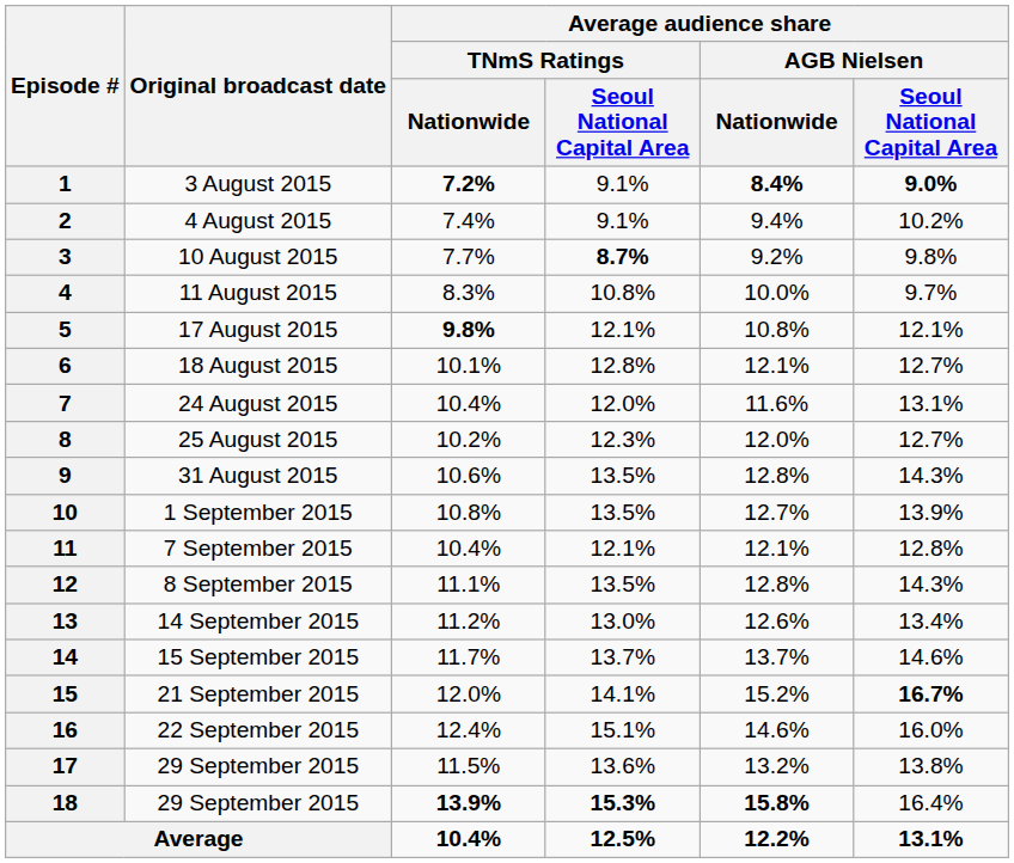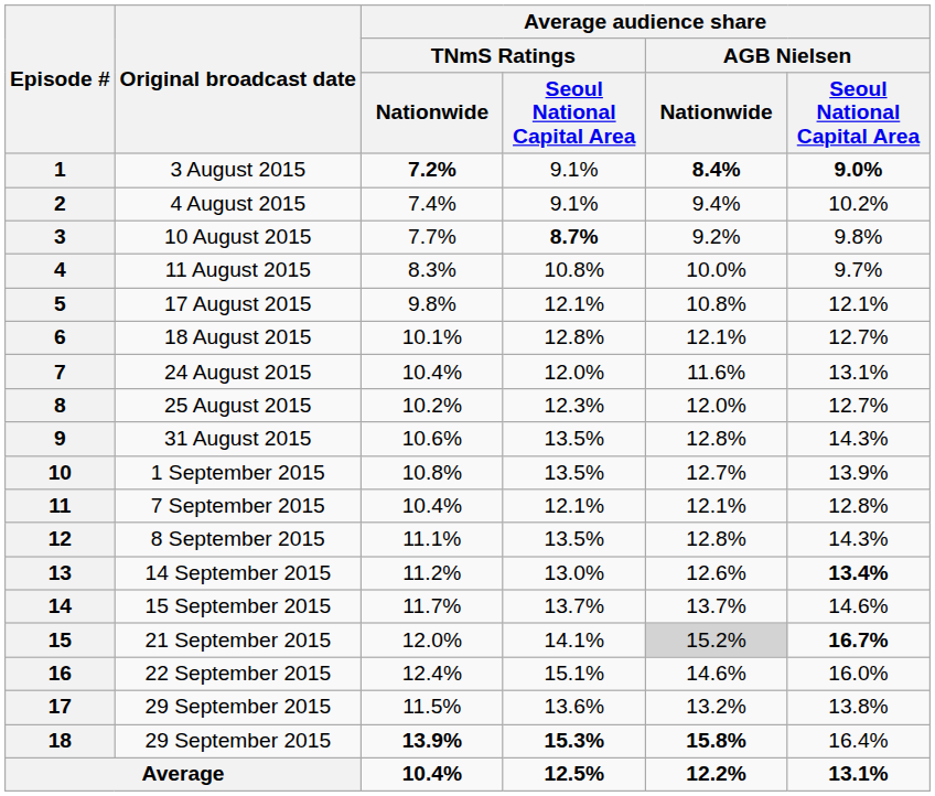 <table class=wikitable style="text-align:center">
 <tr>
 <th rowspan="3">Episode #</th>
 <th rowspan="3">Original broadcast date</th>
 <th colspan="4">Average audience share</th>
 </tr>
 <tr>
 <th colspan="2">TNmS Ratings</th>
 <th colspan="2">AGB Nielsen</th>
 </tr>
 <tr>
 <th width=100>Nationwide</th>
 <th width=100><a href='#'>Seoul National Capital Area</a></th>
 <th width=100>Nationwide</th>
 <th width=100><a href='#'>Seoul National Capital Area</a></th>
 </tr>
 <tr>
 <th>1</th>
 <td>3 August 2015</td>
 <td><span><strong>7.2%</strong></span></td>
 <td>9.1%</td>
 <td><span><strong>8.4%</strong></span></td>
 <td><span><strong>9.0%</strong></span></td>
 </tr>
 <tr>
 <th>2</th>
 <td>4 August 2015</td>
 <td>7.4%</td>
 <td>9.1%</td>
 <td>9.4%</td>
 <td>10.2%</td>
 </tr>
 <tr>
 <th>3</th>
 <td>10 August 2015</td>
 <td>7.7%</td>
 <td><span><strong>8.7%</strong></span></td>
 <td>9.2%</td>
 <td>9.8%</td>
 </tr>
 <tr>
 <th>4</th>
 <td>11 August 2015</td>
 <td>8.3%</td>
 <td>10.8%</td>
 <td>10.0%</td>
 <td>9.7%</td>
 </tr>
 <tr>
 <th>5</th>
 <td>17 August 2015</td>
-<td><strong>9.8%</strong></td>
+<td>9.8%</td>
 <td>12.1%</td>
 <td>10.8%</td>
 <td>12.1%</td>
 </tr>
 <tr>
 <th>6</th>
 <td>18 August 2015</td>
 <td>10.1%</td>
 <td>12.8%</td>
 <td>12.1%</td>
 <td>12.7%</td>
 </tr>
 <tr>
 <th>7</th>
 <td>24 August 2015</td>
 <td>10.4%</td>
 <td>12.0%</td>
 <td>11.6%</td>
 <td>13.1%</td>
 </tr>
 <tr>
 <th>8</th>
 <td>25 August 2015</td>
 <td>10.2%</td>
 <td>12.3%</td>
 <td>12.0%</td>
 <td>12.7%</td>
 </tr>
 <tr>
 <th>9</th>
 <td>31 August 2015</td>
 <td>10.6%</td>
 <td>13.5%</td>
 <td>12.8%</td>
 <td>14.3%</td>
 </tr>
 <tr>
 <th>10</th>
 <td>1 September 2015</td>
 <td>10.8%</td>
 <td>13.5%</td>
 <td>12.7%</td>
 <td>13.9%</td>
 </tr>
 <tr>
 <th>11</th>
 <td>7 September 2015</td>
 <td>10.4%</td>
 <td>12.1%</td>
 <td>12.1%</td>
 <td>12.8%</td>
 </tr>
 <tr>
 <th>12</th>
 <td>8 September 2015</td>
 <td>11.1%</td>
 <td>13.5%</td>
 <td>12.8%</td>
 <td>14.3%</td>
 </tr>
 <tr>
 <th>13</th>
 <td>14 September 2015</td>
 <td>11.2%</td>
 <td>13.0%</td>
 <td>12.6%</td>
-<td>13.4%</td>
+<td><strong>13.4%</strong></td>
 </tr>
 <tr>
 <th>14</th>
 <td>15 September 2015</td>
 <td>11.7%</td>
 <td>13.7%</td>
 <td>13.7%</td>
 <td>14.6%</td>
 </tr>
 <tr>
 <th>15</th>
 <td>21 September 2015</td>
 <td>12.0%</td>
 <td>14.1%</td>
-<td>15.2%</td>
+<td style="background: lightgrey;">15.2%</td>
 <td><span><strong>16.7%</strong></span></td>
 </tr>
 <tr>
 <th>16</th>
 <td>22 September 2015</td>
 <td>12.4%</td>
 <td>15.1%</td>
 <td>14.6%</td>
 <td>16.0%</td>
 </tr>
 <tr>
 <th>17</th>
 <td>29 September 2015</td>
 <td>11.5%</td>
 <td>13.6%</td>
 <td>13.2%</td>
 <td>13.8%</td>
 </tr>
 <tr>
 <th>18</th>
 <td>29 September 2015</td>
 <td><span><strong>13.9%</strong></span></td>
 <td><span><strong>15.3%</strong></span></td>
 <td><span><strong>15.8%</strong></span></td>
 <td>16.4%</td>
 </tr>
 <tr>
 <th colspan=2>Average</th>
 <td><span><strong>10.4%</strong></span></td>
 <td><span><strong>12.5%</strong></span></td>
 <td><span><strong>12.2%</strong></span></td>
 <td><span><strong>13.1%</strong></span></td>
 </tr>
 </table>
